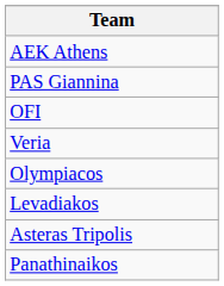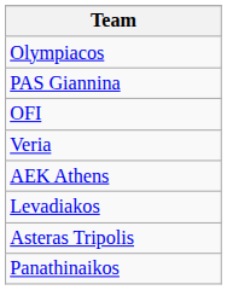 <table class="wikitable" style="float:left; margin-right:1em;">
 <tr>
 </tr>
 <tr>
 <th width=170>Team</th>
 </tr>
 <tr>
-<td><a href='#'>AEK Athens</a></td>
+<td><a href='#'>Olympiacos</a></td>
 </tr>
 <tr>
 <td><a href='#'>PAS Giannina</a></td>
 </tr>
 <tr>
 <td><a href='#'>OFI</a></td>
 </tr>
 <tr>
 <td><a href='#'>Veria</a></td>
 </tr>
 <tr>
-<td><a href='#'>Olympiacos</a></td>
+<td><a href='#'>AEK Athens</a></td>
 </tr>
 <tr>
 <td><a href='#'>Levadiakos</a></td>
 </tr>
 <tr>
 <td><a href='#'>Asteras Tripolis</a></td>
 </tr>
 <tr>
 <td><a href='#'>Panathinaikos</a></td>
 </tr>
 </table>
